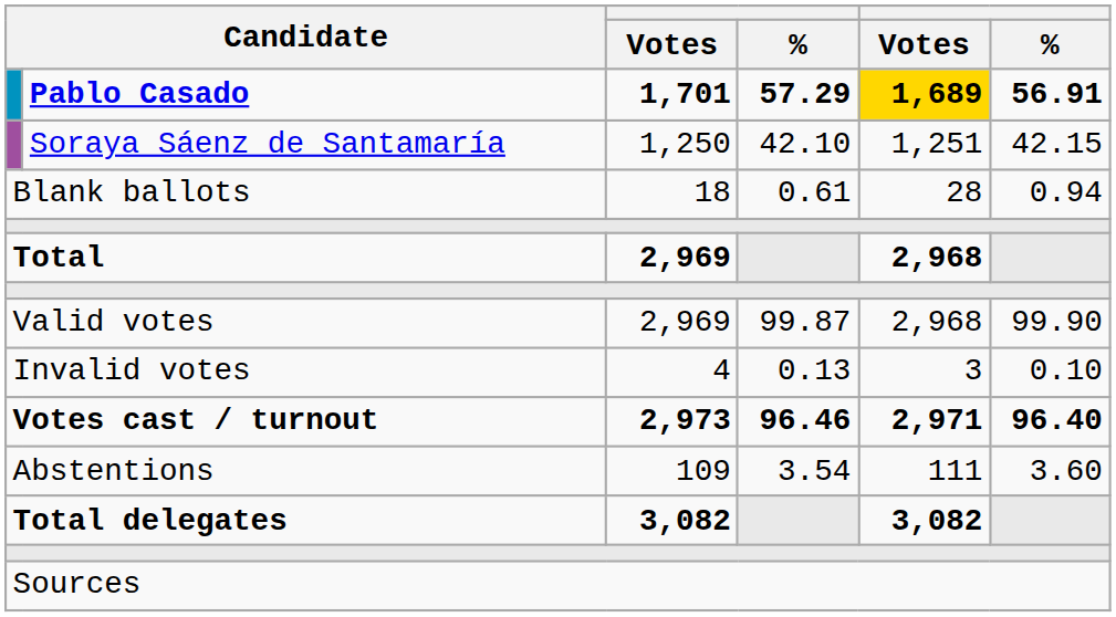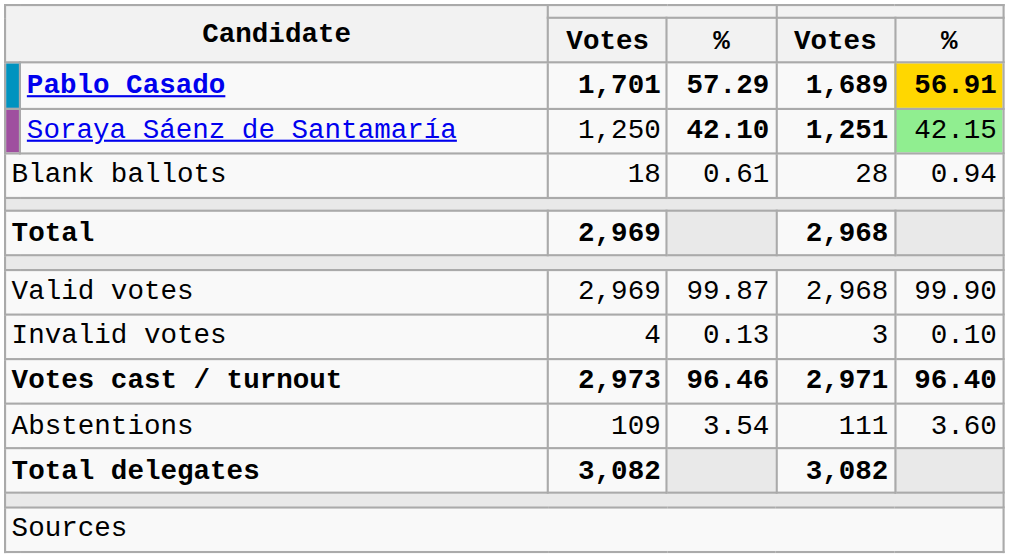 <table class="wikitable" style="text-align:right;">
 <tr>
 <th rowspan="2" colspan="2" width="250">Candidate</th>
 <th colspan="2"></th>
 <th colspan="2"></th>
 </tr>
 <tr>
 <th width="50">Votes</th>
 <th width="45">%</th>
 <th width="50">Votes</th>
 <th width="45">%</th>
 </tr>
 <tr>
 <td width="1" style="color:inherit;background:#0093BF"></td>
 <td align="left"><strong><a href='#'>Pablo Casado</a></strong></td>
 <td><strong>1,701</strong></td>
 <td><strong>57.29</strong></td>
-<td style="background: gold;"><strong>1,689</strong></td>
-<td><strong>56.91</strong></td>
+<td><strong>1,689</strong></td>
+<td style="background: gold;"><strong>56.91</strong></td>
 </tr>
 <tr>
 <td style="color:inherit;background:#9F4F9F"></td>
 <td align="left"><a href='#'>Soraya Sáenz de Santamaría</a></td>
 <td>1,250</td>
-<td>42.10</td>
-<td>1,251</td>
-<td>42.15</td>
+<td><strong>42.10</strong></td>
+<td><strong>1,251</strong></td>
+<td style="background: lightgreen;">42.15</td>
 </tr>
 <tr>
 <td align="left" colspan="2">Blank ballots</td>
 <td>18</td>
 <td>0.61</td>
 <td>28</td>
 <td>0.94</td>
 </tr>
 <tr>
 <td colspan="6" bgcolor="#E9E9E9"></td>
 </tr>
 <tr style="font-weight:bold;">
 <td align="left" colspan="2">Total</td>
 <td>2,969</td>
 <td bgcolor="#E9E9E9"></td>
 <td>2,968</td>
 <td bgcolor="#E9E9E9"></td>
 </tr>
 <tr>
 <td colspan="6" bgcolor="#E9E9E9"></td>
 </tr>
 <tr>
 <td align="left" colspan="2">Valid votes</td>
 <td>2,969</td>
 <td>99.87</td>
 <td>2,968</td>
 <td>99.90</td>
 </tr>
 <tr>
 <td align="left" colspan="2">Invalid votes</td>
 <td>4</td>
 <td>0.13</td>
 <td>3</td>
 <td>0.10</td>
 </tr>
 <tr style="font-weight:bold;">
 <td align="left" colspan="2">Votes cast / turnout</td>
 <td>2,973</td>
 <td>96.46</td>
 <td>2,971</td>
 <td>96.40</td>
 </tr>
 <tr>
 <td align="left" colspan="2">Abstentions</td>
 <td>109</td>
 <td>3.54</td>
 <td>111</td>
 <td>3.60</td>
 </tr>
 <tr style="font-weight:bold;">
 <td align="left" colspan="2">Total delegates</td>
 <td>3,082</td>
 <td bgcolor="#E9E9E9"></td>
 <td>3,082</td>
 <td bgcolor="#E9E9E9"></td>
 </tr>
 <tr>
 <td colspan="6" bgcolor="#E9E9E9"></td>
 </tr>
 <tr>
 <td align="left" colspan="6">Sources</td>
 </tr>
 </table>
